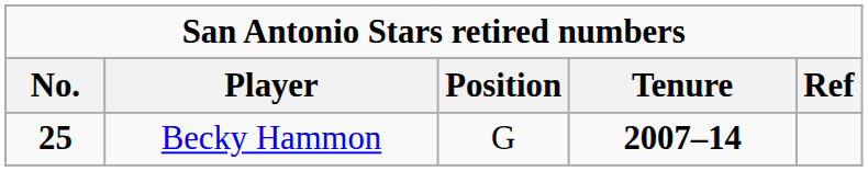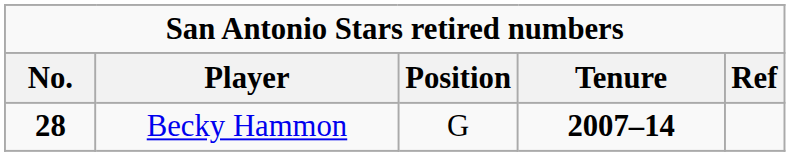 <table class="wikitable" style="text-align:center">
 <tr>
 <td colspan="5"><strong>San Antonio Stars retired numbers</strong></td>
 </tr>
 <tr>
 <th style="width:40px; ">No.</th>
 <th style="width:150px; ">Player</th>
 <th style="width:40px; ">Position</th>
 <th style="width:100px; ">Tenure</th>
 <th style="width:20px; ">Ref</th>
 </tr>
 <tr>
-<td><strong>25</strong></td>
+<td><strong>28</strong></td>
 <td><a href='#'>Becky Hammon</a></td>
 <td>G</td>
 <td><strong>2007–14</strong></td>
 <td></td>
 </tr>
 </table>
